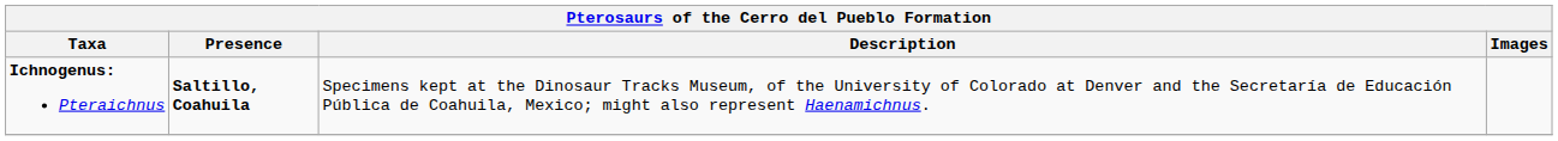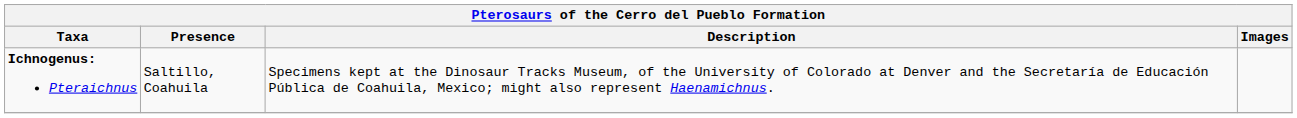 <table class="wikitable" align="center">
 <tr>
 <th colspan="5" align="center"><strong><a href='#'>Pterosaurs</a> of the Cerro del Pueblo Formation</strong></th>
 </tr>
 <tr>
 <th>Taxa</th>
 <th>Presence</th>
 <th>Description</th>
 <th>Images</th>
 </tr>
 <tr>
 <td><strong>Ichnogenus:</strong><br><ul><li><em><a href='#'>Pteraichnus</a></em></li></ul></td>
-<td><strong>Saltillo, Coahuila</strong></td>
+<td>Saltillo, Coahuila</td>
 <td>Specimens kept at the Dinosaur Tracks Museum, of the University of Colorado at Denver and the Secretaría de Educación Pública de Coahuila, Mexico; might also represent <em><a href='#'>Haenamichnus</a></em>.</td>
 <td></td>
 </tr>
 <tr>
 </tr>
 </table>
